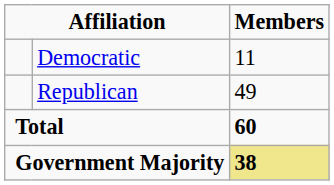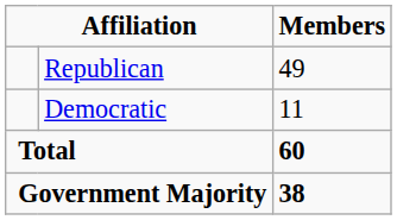 <table class="wikitable">
 <tr>
 <td colspan="2" rowspan="1" align="center" valign="top"><strong>Affiliation</strong></td>
 <td style="vertical-align:top;"><strong>Members</strong></td>
 </tr>
 <tr>
 <td style="background-color:"> </td>
-<td><a href='#'>Democratic</a></td>
-<td>11</td>
+<td><a href='#'>Republican</a></td>
+<td>49</td>
 </tr>
 <tr>
 <td style="background-color:"> </td>
-<td><a href='#'>Republican</a></td>
-<td>49</td>
+<td><a href='#'>Democratic</a></td>
+<td>11</td>
 </tr>
 <tr>
 <td colspan="2" rowspan="1"> <strong>Total</strong></td>
 <td><strong>60</strong></td>
 </tr>
 <tr>
 <td colspan="2" rowspan="1"> <strong>Government Majority</strong></td>
-<td style="background: khaki;"><strong>38</strong></td>
+<td><strong>38</strong></td>
 </tr>
 </table>
